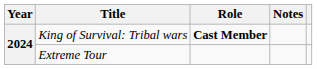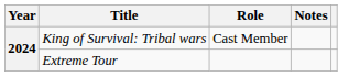 <table class="wikitable plainrowheaders">
 <tr>
 <th scope="col">Year</th>
 <th scope="col">Title</th>
 <th scope="col">Role</th>
 <th scope="col">Notes</th>
 <th scope="col"></th>
 </tr>
 <tr>
 <th scope="row" rowspan="2">2024</th>
 <td><em>King of Survival: Tribal wars</em></td>
-<td><strong>Cast Member</strong></td>
+<td>Cast Member</td>
 <td></td>
 <td style="text-align:center"></td>
 </tr>
 <tr>
 <td><em>Extreme Tour</em></td>
 <td></td>
 <td></td>
 <td style="text-align:center"></td>
 </tr>
 </table>
